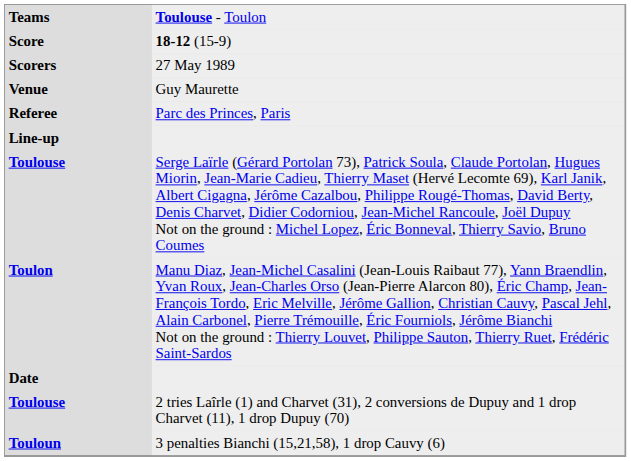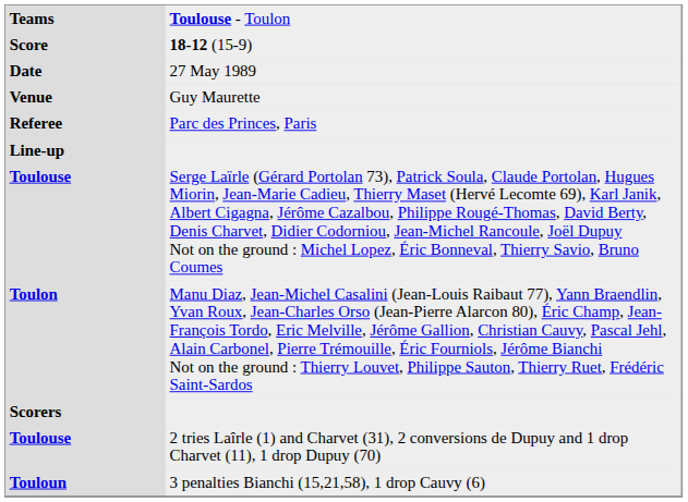 <table align="left" cellpadding="4" cellspacing="0"  style="margin: 0 0 0 0; border: 1px solid #999; border-right-width: 2px; border-bottom-width: 2px; background-color: #DDDDDD">
 <tr>
 <td width="150" valign="top"><strong>Teams</strong></td>
 <td width="500" bgcolor=#EEEEEE><strong><a href='#'>Toulouse</a></strong> - <a href='#'>Toulon</a></td>
 </tr>
 <tr>
 <td valign="top"><strong>Score</strong></td>
 <td bgcolor=#EEEEEE><strong>18-12</strong> (15-9)</td>
 </tr>
 <tr>
-<td valign="top"><strong>Scorers</strong></td>
+<td valign="top"><strong>Date</strong></td>
 <td bgcolor=#EEEEEE>27 May 1989</td>
 </tr>
 <tr>
 <td valign="top"><strong>Venue</strong></td>
 <td bgcolor=#EEEEEE>Guy Maurette</td>
 </tr>
 <tr>
 <td valign="top"><strong>Referee</strong></td>
 <td bgcolor=#EEEEEE><a href='#'>Parc des Princes</a>, <a href='#'>Paris</a></td>
 </tr>
 <tr>
 <td valign="top"><strong>Line-up</strong></td>
 <td bgcolor=#EEEEEE></td>
 </tr>
 <tr>
 <td valign="top"><strong> <a href='#'>Toulouse</a> </strong></td>
 <td bgcolor=#EEEEEE><a href='#'>Serge Laïrle</a> (<a href='#'>Gérard Portolan</a> 73), <a href='#'>Patrick Soula</a>, <a href='#'>Claude Portolan</a>, <a href='#'>Hugues Miorin</a>, <a href='#'>Jean-Marie Cadieu</a>, <a href='#'>Thierry Maset</a> (Hervé Lecomte 69), <a href='#'>Karl Janik</a>, <a href='#'>Albert Cigagna</a>, <a href='#'>Jérôme Cazalbou</a>, <a href='#'>Philippe Rougé-Thomas</a>, <a href='#'>David Berty</a>, <a href='#'>Denis Charvet</a>, <a href='#'>Didier Codorniou</a>, <a href='#'>Jean-Michel Rancoule</a>, <a href='#'>Joël Dupuy</a><br>Not on the ground : <a href='#'>Michel Lopez</a>, <a href='#'>Éric Bonneval</a>, <a href='#'>Thierry Savio</a>, <a href='#'>Bruno Coumes</a></td>
 </tr>
 <tr>
 <td valign="top"><strong><a href='#'>Toulon</a></strong></td>
 <td bgcolor=#EEEEEE><a href='#'>Manu Diaz</a>, <a href='#'>Jean-Michel Casalini</a> (Jean-Louis Raibaut 77), <a href='#'>Yann Braendlin</a>, <a href='#'>Yvan Roux</a>, <a href='#'>Jean-Charles Orso</a> (Jean-Pierre Alarcon 80), <a href='#'>Éric Champ</a>, <a href='#'>Jean-François Tordo</a>, <a href='#'>Eric Melville</a>, <a href='#'>Jérôme Gallion</a>, <a href='#'>Christian Cauvy</a>, <a href='#'>Pascal Jehl</a>, <a href='#'>Alain Carbonel</a>, <a href='#'>Pierre Trémouille</a>, <a href='#'>Éric Fourniols</a>, <a href='#'>Jérôme Bianchi</a> <br> Not on the ground :  <a href='#'>Thierry Louvet</a>, <a href='#'>Philippe Sauton</a>, <a href='#'>Thierry Ruet</a>, <a href='#'>Frédéric Saint-Sardos</a></td>
 </tr>
 <tr>
-<td valign="top"><strong>Date</strong></td>
+<td valign="top"><strong>Scorers</strong></td>
 <td bgcolor=#EEEEEE></td>
 </tr>
 <tr>
 <td valign="top"><strong> <a href='#'>Toulouse</a> </strong></td>
 <td bgcolor=#EEEEEE>2 tries Laîrle (1) and Charvet (31), 2 conversions de Dupuy and 1 drop Charvet (11), 1 drop Dupuy (70)</td>
 </tr>
 <tr>
 <td valign="top"><strong><a href='#'>Touloun</a></strong></td>
 <td bgcolor=#EEEEEE>3 penalties  Bianchi (15,21,58), 1 drop Cauvy (6)</td>
 </tr>
 </table>
